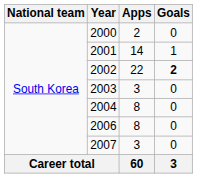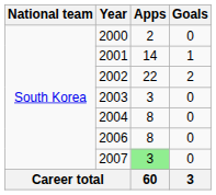 <table class="wikitable" style="text-align:center">
 <tr>
 <th>National team</th>
 <th>Year</th>
 <th>Apps</th>
 <th>Goals</th>
 </tr>
 <tr>
 <td rowspan="7"><a href='#'>South Korea</a></td>
 <td>2000</td>
 <td>2</td>
 <td>0</td>
 </tr>
 <tr>
 <td>2001</td>
 <td>14</td>
 <td>1</td>
 </tr>
 <tr>
 <td>2002</td>
 <td>22</td>
-<td><strong>2</strong></td>
+<td>2</td>
 </tr>
 <tr>
 <td>2003</td>
 <td>3</td>
 <td>0</td>
 </tr>
 <tr>
 <td>2004</td>
 <td>8</td>
 <td>0</td>
 </tr>
 <tr>
 <td>2006</td>
 <td>8</td>
 <td>0</td>
 </tr>
 <tr>
 <td>2007</td>
-<td>3</td>
+<td style="background: lightgreen;">3</td>
 <td>0</td>
 </tr>
 <tr>
 <th colspan="2">Career total</th>
 <th>60</th>
 <th>3</th>
 </tr>
 </table>
